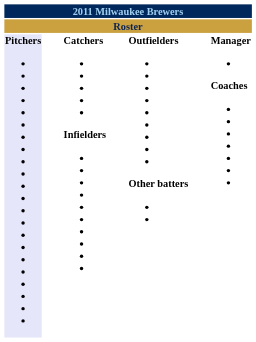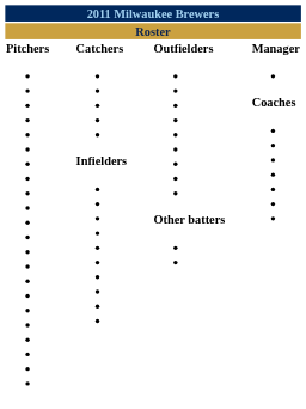 <table class="toccolours" style="font-size: 95%;">
 <tr>
 <th colspan="10" style="background-color: #00285D; color: #9ECEEE; text-align: center;">2011 Milwaukee Brewers</th>
 </tr>
 <tr>
 <td colspan="10" style="background-color: #CBA140; color: #0a2351; text-align: center;"><strong>Roster</strong></td>
 </tr>
 <tr>
-<td valign="top" style="background: lavender;"><strong>Pitchers</strong><br><ul><li></li><li></li><li></li><li></li><li></li><li></li><li></li><li></li><li></li><li></li><li></li><li></li><li></li><li></li><li></li><li></li><li></li><li></li><li></li><li></li><li></li><li></li></ul></td>
+<td valign="top"><strong>Pitchers</strong><br><ul><li></li><li></li><li></li><li></li><li></li><li></li><li></li><li></li><li></li><li></li><li></li><li></li><li></li><li></li><li></li><li></li><li></li><li></li><li></li><li></li><li></li><li></li></ul></td>
 <td width="25px"></td>
 <td valign="top"><strong>Catchers</strong><br><ul><li></li><li></li><li></li><li></li><li></li></ul><strong>Infielders</strong><ul><li></li><li></li><li></li><li></li><li></li><li></li><li></li><li></li><li></li><li></li></ul></td>
 <td width="25px"></td>
 <td valign="top"><strong>Outfielders</strong><br><ul><li></li><li></li><li></li><li></li><li></li><li></li><li></li><li></li><li></li></ul><strong>Other batters</strong><ul><li></li><li></li></ul></td>
 <td width="25px"></td>
 <td valign="top"><strong>Manager</strong><br><ul><li></li></ul><strong>Coaches</strong><ul><li> </li><li> </li><li> </li><li> </li><li> </li><li> </li><li> </li></ul></td>
 </tr>
 <tr>
 </tr>
 </table>
